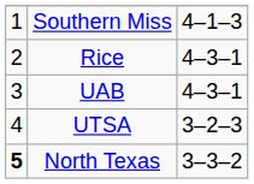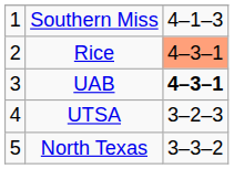 <table class="wikitable" style="display: inline-table;">
 <tr align="center">
 </tr>
 <tr align="center">
 <td>1</td>
 <td><a href='#'>Southern Miss</a></td>
 <td>4–1–3</td>
 </tr>
 <tr align="center">
 <td>2</td>
 <td><a href='#'>Rice</a></td>
-<td>4–3–1</td>
+<td style="background: lightsalmon;">4–3–1</td>
 </tr>
 <tr align="center">
 <td>3</td>
 <td><a href='#'>UAB</a></td>
-<td>4–3–1</td>
+<td><strong>4–3–1</strong></td>
 </tr>
 <tr align="center">
 <td>4</td>
 <td><a href='#'>UTSA</a></td>
 <td>3–2–3</td>
 </tr>
 <tr align="center">
-<td><strong>5</strong></td>
+<td>5</td>
 <td><a href='#'>North Texas</a></td>
 <td>3–3–2</td>
 </tr>
 </table>
